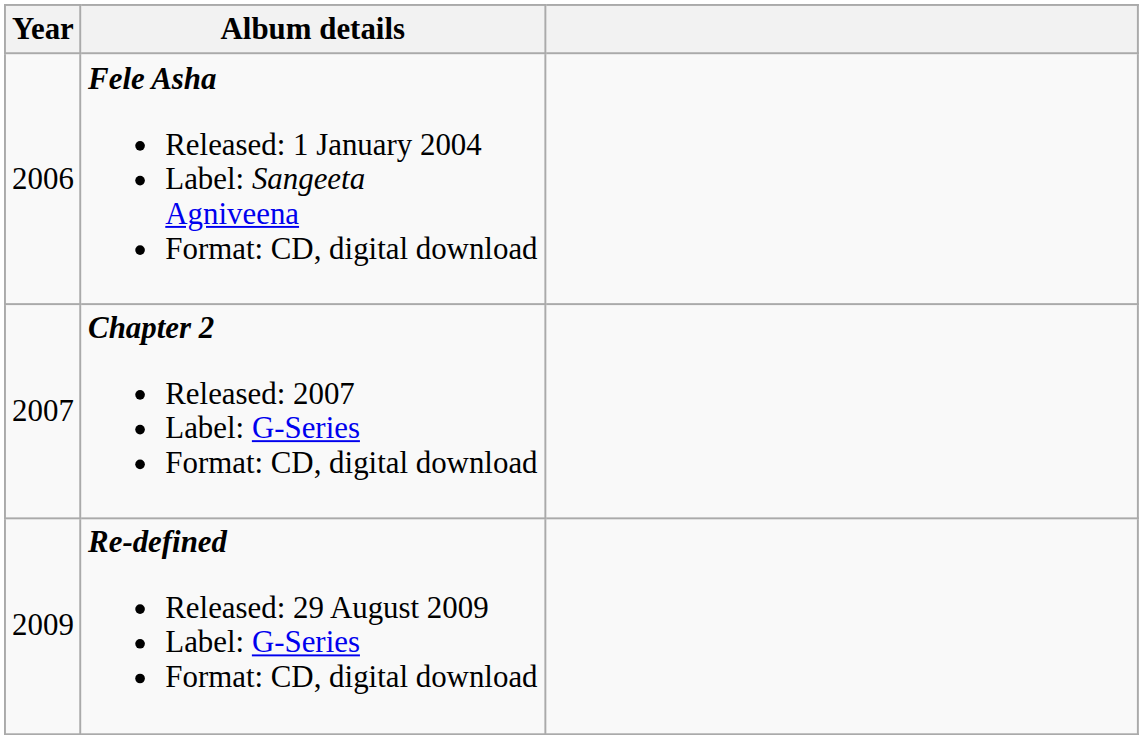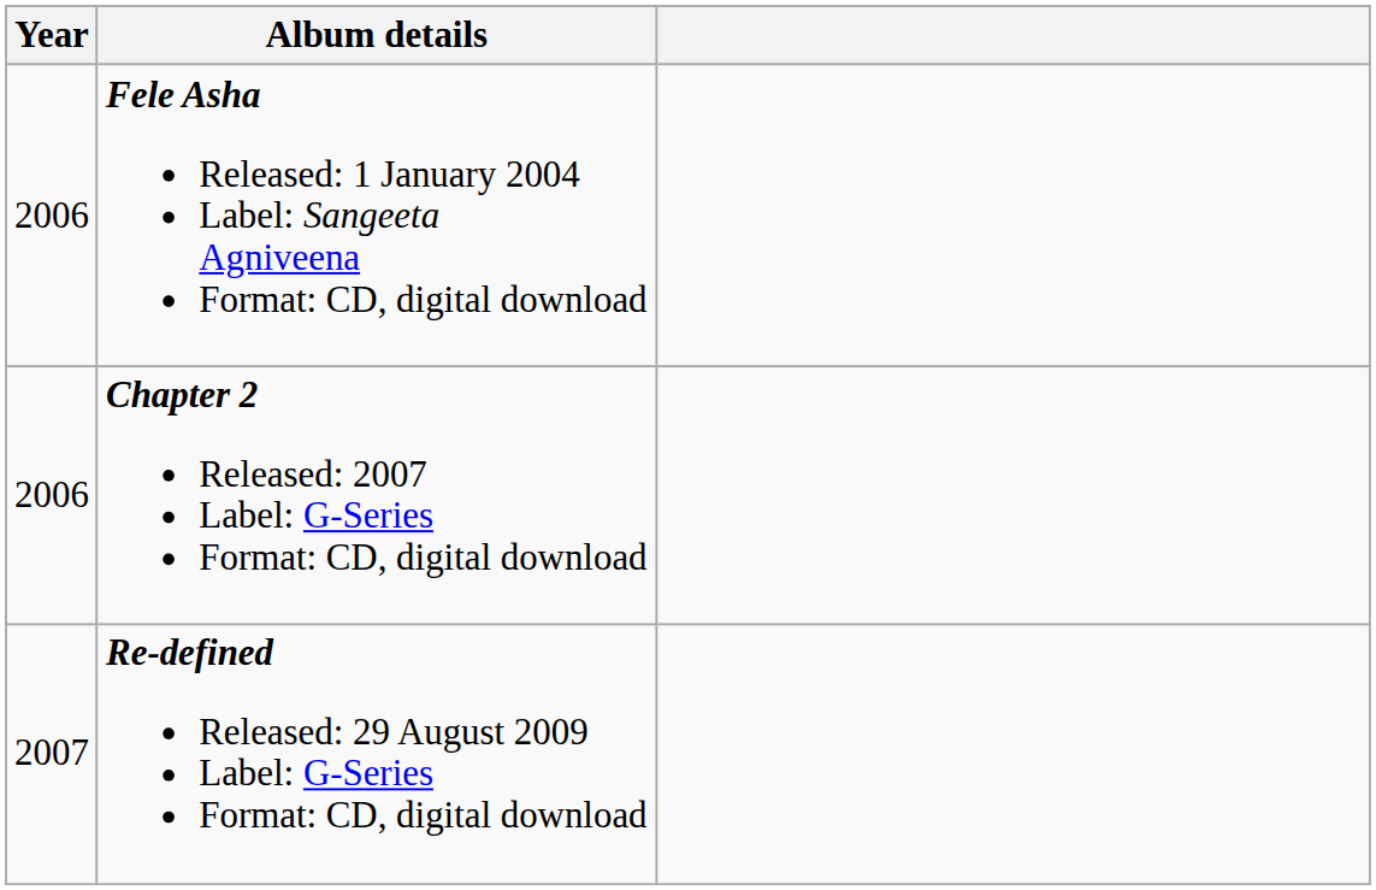 <table class="wikitable" style="text-align:center;">
 <tr>
 <th>Year</th>
 <th>Album details</th>
 <th class="unsortable" style="width: 300px;"></th>
 </tr>
 <tr>
 <td>2006</td>
 <td style="text-align:left;"><strong><em>Fele Asha</em></strong><br><ul><li>Released: 1 January 2004</li><li>Label: <em>Sangeeta</em> <br> <a href='#'>Agniveena</a></li><li>Format: CD, digital download</li></ul></td>
 <td></td>
 </tr>
 <tr>
-<td>2007</td>
+<td>2006</td>
 <td style="text-align:left;"><strong><em>Chapter 2</em></strong><br><ul><li>Released: 2007</li><li>Label: <a href='#'>G-Series</a></li><li>Format: CD, digital download</li></ul></td>
 <td></td>
 </tr>
 <tr>
-<td>2009</td>
+<td>2007</td>
 <td style="text-align:left;"><strong><em>Re-defined</em></strong><br><ul><li>Released: 29 August 2009</li><li>Label: <a href='#'>G-Series</a></li><li>Format: CD, digital download</li></ul></td>
 <td></td>
 </tr>
 <tr>
 </tr>
 </table>
